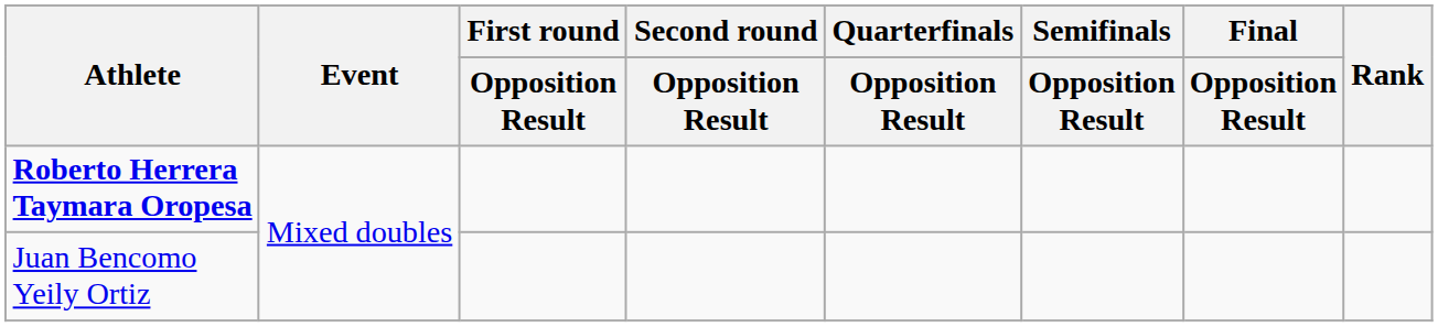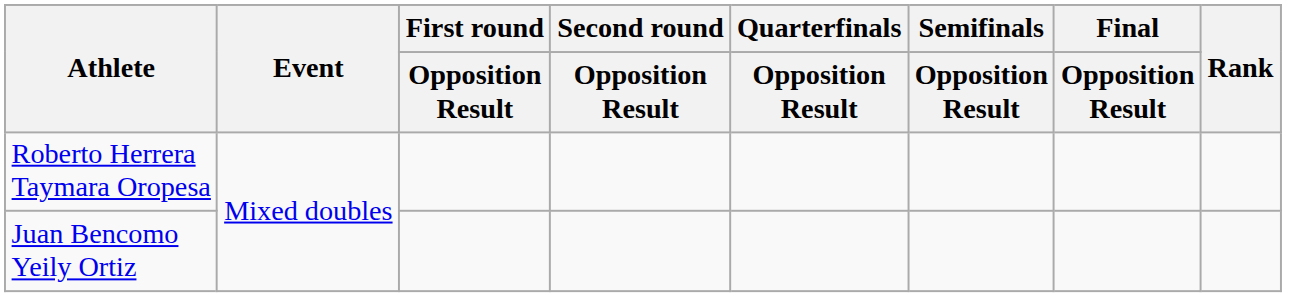 <table class="wikitable" style="font-size:90%">
 <tr>
 <th rowspan="2">Athlete</th>
 <th rowspan="2">Event</th>
 <th>First round</th>
 <th>Second round</th>
 <th>Quarterfinals</th>
 <th>Semifinals</th>
 <th>Final</th>
 <th rowspan="2">Rank</th>
 </tr>
 <tr>
 <th>Opposition<br>Result</th>
 <th>Opposition<br>Result</th>
 <th>Opposition<br>Result</th>
 <th>Opposition<br>Result</th>
 <th>Opposition<br>Result</th>
 </tr>
 <tr>
-<td><strong><a href='#'>Roberto Herrera</a><br><a href='#'>Taymara Oropesa</a></strong></td>
+<td><a href='#'>Roberto Herrera</a><br><a href='#'>Taymara Oropesa</a></td>
 <td rowspan=2><a href='#'>Mixed doubles</a></td>
 <td><br></td>
 <td></td>
 <td></td>
 <td></td>
 <td></td>
 <td></td>
 </tr>
 <tr>
 <td><a href='#'>Juan Bencomo</a><br><a href='#'>Yeily Ortiz</a></td>
 <td><br></td>
 <td></td>
 <td></td>
 <td></td>
 <td></td>
 <td></td>
 </tr>
 </table>
